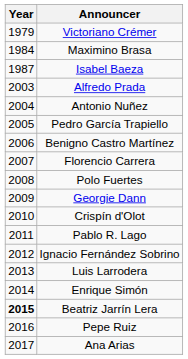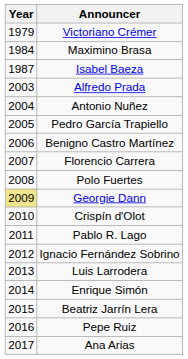 <table class="wikitable" style="margin:1em auto; font-size: 90%; text-align:center;">
 <tr>
 <th>Year</th>
 <th>Announcer</th>
 </tr>
 <tr>
 <td>1979</td>
 <td><a href='#'>Victoriano Crémer</a></td>
 </tr>
 <tr>
 <td>1984</td>
 <td>Maximino Brasa</td>
 </tr>
 <tr>
 <td>1987</td>
 <td><a href='#'>Isabel Baeza</a></td>
 </tr>
 <tr>
 <td>2003</td>
 <td><a href='#'>Alfredo Prada</a></td>
 </tr>
 <tr>
 <td>2004</td>
 <td>Antonio Nuñez</td>
 </tr>
 <tr>
 <td>2005</td>
 <td>Pedro García Trapiello</td>
 </tr>
 <tr>
 <td>2006</td>
 <td>Benigno Castro Martínez</td>
 </tr>
 <tr>
 <td>2007</td>
 <td>Florencio Carrera</td>
 </tr>
 <tr>
 <td>2008</td>
 <td>Polo Fuertes</td>
 </tr>
 <tr>
-<td>2009</td>
+<td style="background: khaki;">2009</td>
 <td><a href='#'>Georgie Dann</a></td>
 </tr>
 <tr>
 <td>2010</td>
 <td>Crispín d'Olot</td>
 </tr>
 <tr>
 <td>2011</td>
 <td>Pablo R. Lago</td>
 </tr>
 <tr>
 <td>2012</td>
 <td>Ignacio Fernández Sobrino</td>
 </tr>
 <tr>
 <td>2013</td>
 <td>Luis Larrodera</td>
 </tr>
 <tr>
 <td>2014</td>
 <td>Enrique Simón</td>
 </tr>
 <tr>
-<td><strong>2015</strong></td>
+<td>2015</td>
 <td>Beatriz Jarrín Lera</td>
 </tr>
 <tr>
 <td>2016</td>
 <td>Pepe Ruiz</td>
 </tr>
 <tr>
 <td>2017</td>
 <td>Ana Arias</td>
 </tr>
 </table>
